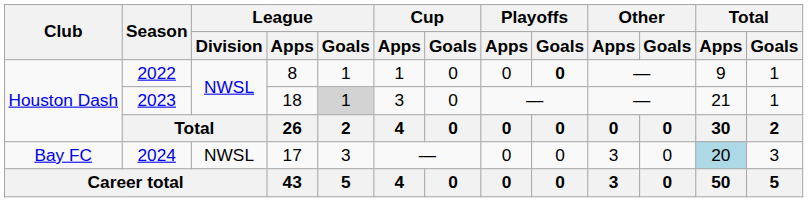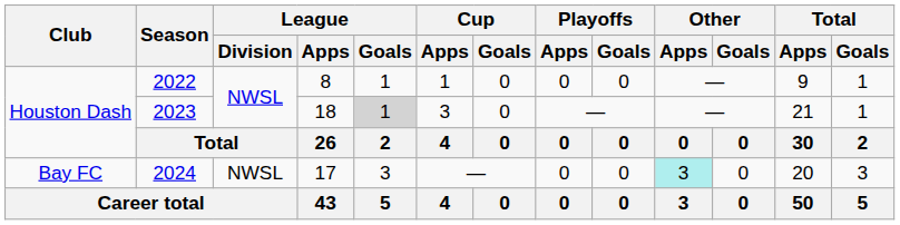 <table class="wikitable" style="text-align: center;">
 <tr>
 <th rowspan="2">Club</th>
 <th rowspan="2">Season</th>
 <th colspan="3">League</th>
 <th colspan="2">Cup</th>
 <th colspan="2">Playoffs</th>
 <th colspan="2">Other</th>
 <th colspan="2">Total</th>
 </tr>
 <tr>
 <th>Division</th>
 <th>Apps</th>
 <th>Goals</th>
 <th>Apps</th>
 <th>Goals</th>
 <th>Apps</th>
 <th>Goals</th>
 <th>Apps</th>
 <th>Goals</th>
 <th>Apps</th>
 <th>Goals</th>
 </tr>
 <tr>
 <td rowspan="3"><a href='#'>Houston Dash</a></td>
 <td><a href='#'>2022</a></td>
 <td rowspan="2"><a href='#'>NWSL</a></td>
 <td>8</td>
 <td>1</td>
 <td>1</td>
 <td>0</td>
 <td>0</td>
-<td><strong>0</strong></td>
+<td>0</td>
 <td colspan="2">—</td>
 <td>9</td>
 <td>1</td>
 </tr>
 <tr>
 <td><a href='#'>2023</a></td>
 <td>18</td>
 <td style="background: lightgrey;">1</td>
 <td>3</td>
 <td>0</td>
 <td colspan="2">—</td>
 <td colspan="2">—</td>
 <td>21</td>
 <td>1</td>
 </tr>
 <tr>
 <th colspan="2">Total</th>
 <th>26</th>
 <th>2</th>
 <th>4</th>
 <th>0</th>
 <th>0</th>
 <th>0</th>
 <th>0</th>
 <th>0</th>
 <th>30</th>
 <th>2</th>
 </tr>
 <tr>
 <td><a href='#'>Bay FC</a></td>
 <td><a href='#'>2024</a></td>
 <td>NWSL</td>
 <td>17</td>
 <td>3</td>
 <td colspan="2">—</td>
 <td>0</td>
 <td>0</td>
-<td>3</td>
+<td style="background: paleturquoise;">3</td>
 <td>0</td>
-<td style="background: lightblue;">20</td>
+<td>20</td>
 <td>3</td>
 </tr>
 <tr>
 <th colspan="3">Career total</th>
 <th>43</th>
 <th>5</th>
 <th>4</th>
 <th>0</th>
 <th>0</th>
 <th>0</th>
 <th>3</th>
 <th>0</th>
 <th>50</th>
 <th>5</th>
 </tr>
 </table>
